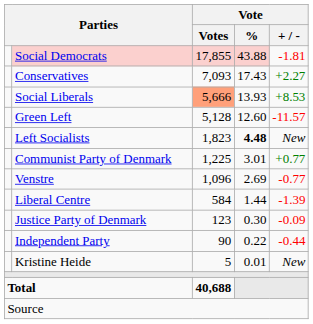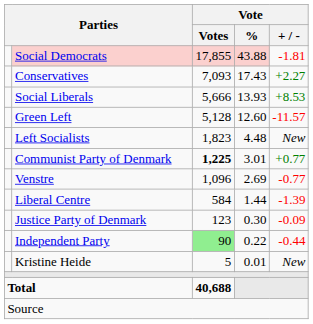 <table class="wikitable" style="text-align:right;">
 <tr>
 <th style="text-align:centre;" rowspan="2" colspan="2" width="225">Parties</th>
 <th colspan="3">Vote</th>
 </tr>
 <tr>
 <th width="15">Votes</th>
 <th width="15">%</th>
 <th width="15">+ / -</th>
 </tr>
 <tr>
 <td width="2" style="color:inherit;background:"></td>
 <td bgcolor=#fbd0ce  align="left"><a href='#'>Social Democrats</a></td>
 <td bgcolor=#fbd0ce>17,855</td>
 <td bgcolor=#fbd0ce>43.88</td>
 <td style=color:red;>-1.81</td>
 </tr>
 <tr>
 <td width="2" style="color:inherit;background:"></td>
 <td align="left"><a href='#'>Conservatives</a></td>
 <td>7,093</td>
 <td>17.43</td>
 <td style=color:green;>+2.27</td>
 </tr>
 <tr>
 <td width="2" style="color:inherit;background:"></td>
 <td align="left"><a href='#'>Social Liberals</a></td>
-<td style="background: lightsalmon;">5,666</td>
+<td>5,666</td>
 <td>13.93</td>
 <td style=color:green;>+8.53</td>
 </tr>
 <tr>
 <td width="2" style="color:inherit;background:"></td>
 <td align="left"><a href='#'>Green Left</a></td>
 <td>5,128</td>
 <td>12.60</td>
 <td style=color:red;>-11.57</td>
 </tr>
 <tr>
 <td width="2" style="color:inherit;background:"></td>
 <td align="left"><a href='#'>Left Socialists</a></td>
 <td>1,823</td>
-<td><strong>4.48</strong></td>
+<td>4.48</td>
 <td><em>New</em></td>
 </tr>
 <tr>
 <td width="2" style="color:inherit;background:"></td>
 <td align="left"><a href='#'>Communist Party of Denmark</a></td>
-<td>1,225</td>
+<td><strong>1,225</strong></td>
 <td>3.01</td>
 <td style=color:green;>+0.77</td>
 </tr>
 <tr>
 <td width="2" style="color:inherit;background:"></td>
 <td align="left"><a href='#'>Venstre</a></td>
 <td>1,096</td>
 <td>2.69</td>
 <td style=color:red;>-0.77</td>
 </tr>
 <tr>
 <td width="2" style="color:inherit;background:"></td>
 <td align="left"><a href='#'>Liberal Centre</a></td>
 <td>584</td>
 <td>1.44</td>
 <td style=color:red;>-1.39</td>
 </tr>
 <tr>
 <td width="2" style="color:inherit;background:"></td>
 <td align="left"><a href='#'>Justice Party of Denmark</a></td>
 <td>123</td>
 <td>0.30</td>
 <td style=color:red;>-0.09</td>
 </tr>
 <tr>
 <td width="2" style="color:inherit;background:"></td>
 <td align="left"><a href='#'>Independent Party</a></td>
-<td>90</td>
+<td style="background: lightgreen;">90</td>
 <td>0.22</td>
 <td style=color:red;>-0.44</td>
 </tr>
 <tr>
 <td width="2" style="color:inherit;background:"></td>
 <td align="left">Kristine Heide</td>
 <td>5</td>
 <td>0.01</td>
 <td><em>New</em></td>
 </tr>
 <tr>
 <td colspan="7" bgcolor="#E9E9E9"></td>
 </tr>
 <tr>
 <td align="left" colspan="2"><strong>Total</strong></td>
 <td><strong>40,688</strong></td>
 <td bgcolor="#E9E9E9" colspan="2"></td>
 </tr>
 <tr>
 <td align="left" colspan="6">Source</td>
 </tr>
 </table>
